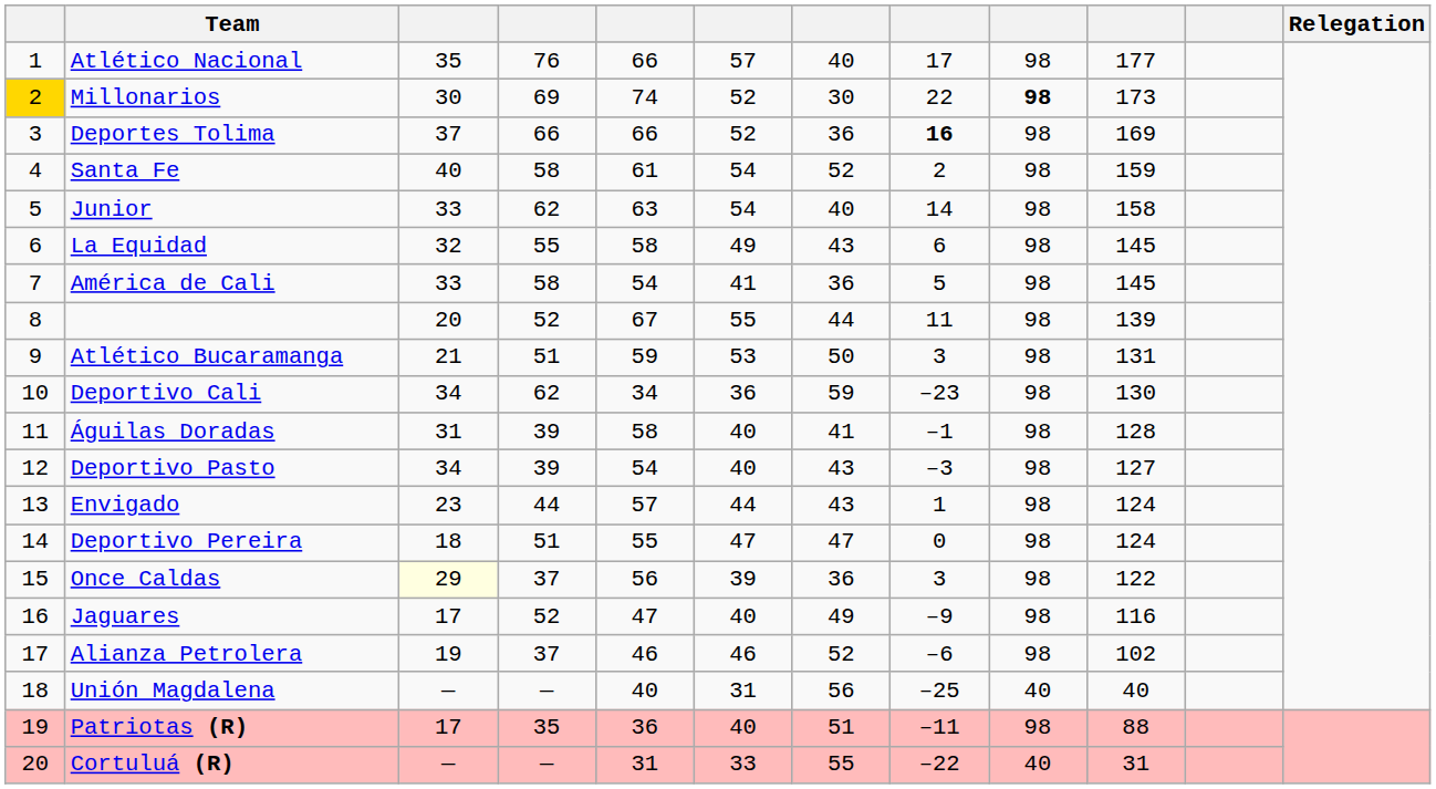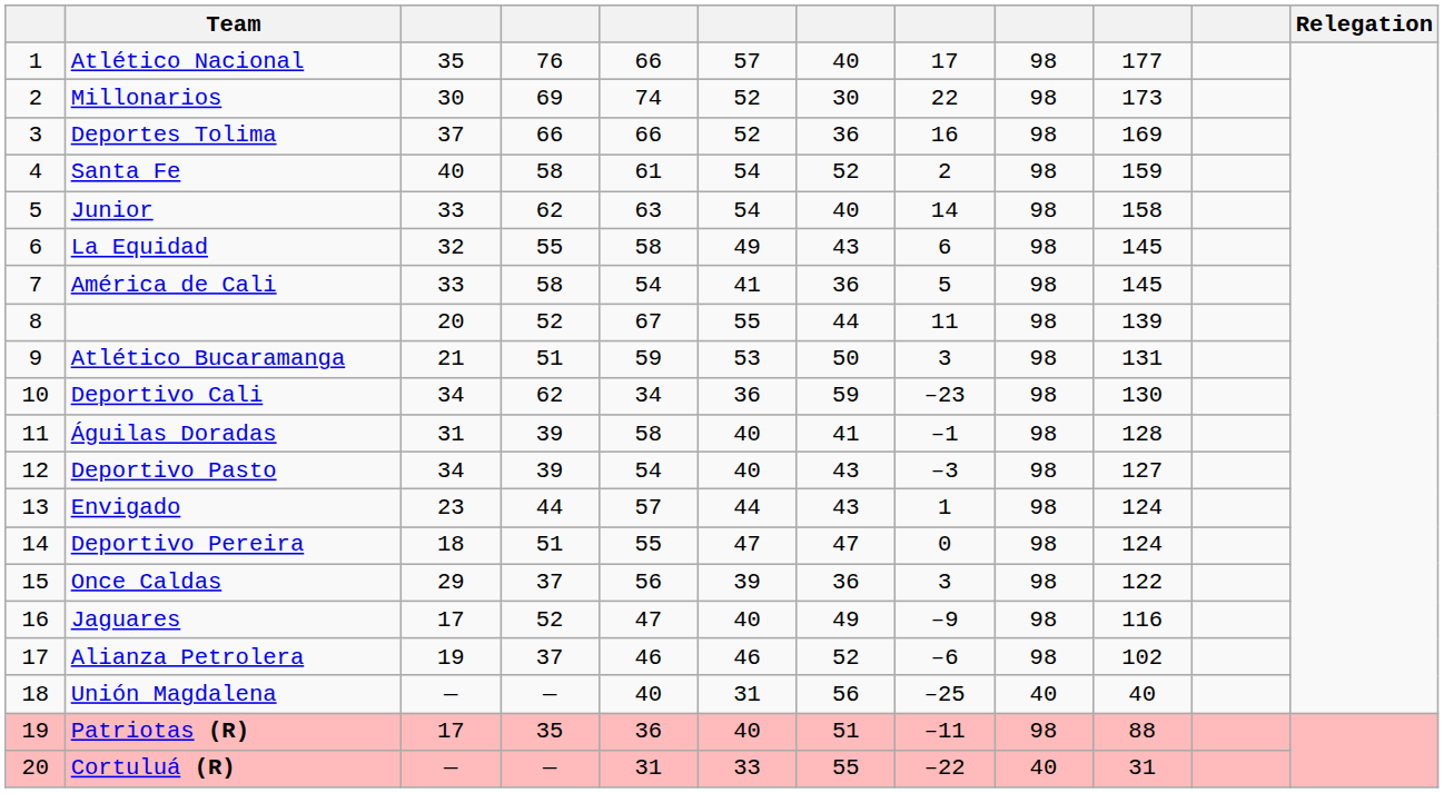 <table class="wikitable" style="text-align: center;">
 <tr>
 <th width=28><br></th>
 <th width=185>Team</th>
 <th width=50></th>
 <th width=50></th>
 <th width=50></th>
 <th width=50></th>
 <th width=50></th>
 <th width=50></th>
 <th width=50></th>
 <th width=50></th>
 <th width=50></th>
 <th>Relegation</th>
 </tr>
 <tr>
 <td>1</td>
 <td align="left"><a href='#'>Atlético Nacional</a></td>
 <td>35</td>
 <td>76</td>
 <td>66</td>
 <td>57</td>
 <td>40</td>
 <td>17</td>
 <td>98</td>
 <td>177</td>
 <td><strong></strong></td>
 <td rowspan=18></td>
 </tr>
 <tr>
-<td style="background: gold;">2</td>
+<td>2</td>
 <td align="left"><a href='#'>Millonarios</a></td>
 <td>30</td>
 <td>69</td>
 <td>74</td>
 <td>52</td>
 <td>30</td>
 <td>22</td>
-<td><strong>98</strong></td>
+<td>98</td>
 <td>173</td>
 <td><strong></strong></td>
 </tr>
 <tr>
 <td>3</td>
 <td align="left"><a href='#'>Deportes Tolima</a></td>
 <td>37</td>
 <td>66</td>
 <td>66</td>
 <td>52</td>
 <td>36</td>
-<td><strong>16</strong></td>
+<td>16</td>
 <td>98</td>
 <td>169</td>
 <td><strong></strong></td>
 </tr>
 <tr>
 <td>4</td>
 <td align="left"><a href='#'>Santa Fe</a></td>
 <td>40</td>
 <td>58</td>
 <td>61</td>
 <td>54</td>
 <td>52</td>
 <td>2</td>
 <td>98</td>
 <td>159</td>
 <td><strong></strong></td>
 </tr>
 <tr>
 <td>5</td>
 <td align="left"><a href='#'>Junior</a></td>
 <td>33</td>
 <td>62</td>
 <td>63</td>
 <td>54</td>
 <td>40</td>
 <td>14</td>
 <td>98</td>
 <td>158</td>
 <td><strong></strong></td>
 </tr>
 <tr>
 <td>6</td>
 <td align="left"><a href='#'>La Equidad</a></td>
 <td>32</td>
 <td>55</td>
 <td>58</td>
 <td>49</td>
 <td>43</td>
 <td>6</td>
 <td>98</td>
 <td>145</td>
 <td><strong></strong></td>
 </tr>
 <tr>
 <td>7</td>
 <td align="left"><a href='#'>América de Cali</a></td>
 <td>33</td>
 <td>58</td>
 <td>54</td>
 <td>41</td>
 <td>36</td>
 <td>5</td>
 <td>98</td>
 <td>145</td>
 <td><strong></strong></td>
 </tr>
 <tr>
 <td>8</td>
 <td align="left"></td>
 <td>20</td>
 <td>52</td>
 <td>67</td>
 <td>55</td>
 <td>44</td>
 <td>11</td>
 <td>98</td>
 <td>139</td>
 <td><strong></strong></td>
 </tr>
 <tr>
 <td>9</td>
 <td align="left"><a href='#'>Atlético Bucaramanga</a></td>
 <td>21</td>
 <td>51</td>
 <td>59</td>
 <td>53</td>
 <td>50</td>
 <td>3</td>
 <td>98</td>
 <td>131</td>
 <td><strong></strong></td>
 </tr>
 <tr>
 <td>10</td>
 <td align="left"><a href='#'>Deportivo Cali</a></td>
 <td>34</td>
 <td>62</td>
 <td>34</td>
 <td>36</td>
 <td>59</td>
 <td>–23</td>
 <td>98</td>
 <td>130</td>
 <td><strong></strong></td>
 </tr>
 <tr>
 <td>11</td>
 <td align="left"><a href='#'>Águilas Doradas</a></td>
 <td>31</td>
 <td>39</td>
 <td>58</td>
 <td>40</td>
 <td>41</td>
 <td>–1</td>
 <td>98</td>
 <td>128</td>
 <td><strong></strong></td>
 </tr>
 <tr>
 <td>12</td>
 <td align="left"><a href='#'>Deportivo Pasto</a></td>
 <td>34</td>
 <td>39</td>
 <td>54</td>
 <td>40</td>
 <td>43</td>
 <td>–3</td>
 <td>98</td>
 <td>127</td>
 <td><strong></strong></td>
 </tr>
 <tr>
 <td>13</td>
 <td align="left"><a href='#'>Envigado</a></td>
 <td>23</td>
 <td>44</td>
 <td>57</td>
 <td>44</td>
 <td>43</td>
 <td>1</td>
 <td>98</td>
 <td>124</td>
 <td><strong></strong></td>
 </tr>
 <tr>
 <td>14</td>
 <td align="left"><a href='#'>Deportivo Pereira</a></td>
 <td>18</td>
 <td>51</td>
 <td>55</td>
 <td>47</td>
 <td>47</td>
 <td>0</td>
 <td>98</td>
 <td>124</td>
 <td><strong></strong></td>
 </tr>
 <tr>
 <td>15</td>
 <td align="left"><a href='#'>Once Caldas</a></td>
-<td style="background: lightyellow;">29</td>
+<td>29</td>
 <td>37</td>
 <td>56</td>
 <td>39</td>
 <td>36</td>
 <td>3</td>
 <td>98</td>
 <td>122</td>
 <td><strong></strong></td>
 </tr>
 <tr>
 <td>16</td>
 <td align="left"><a href='#'>Jaguares</a></td>
 <td>17</td>
 <td>52</td>
 <td>47</td>
 <td>40</td>
 <td>49</td>
 <td>–9</td>
 <td>98</td>
 <td>116</td>
 <td><strong></strong></td>
 </tr>
 <tr>
 <td>17</td>
 <td align="left"><a href='#'>Alianza Petrolera</a></td>
 <td>19</td>
 <td>37</td>
 <td>46</td>
 <td>46</td>
 <td>52</td>
 <td>–6</td>
 <td>98</td>
 <td>102</td>
 <td><strong></strong></td>
 </tr>
 <tr>
 <td>18</td>
 <td align="left"><a href='#'>Unión Magdalena</a></td>
 <td>—</td>
 <td>—</td>
 <td>40</td>
 <td>31</td>
 <td>56</td>
 <td>–25</td>
 <td>40</td>
 <td>40</td>
 <td><strong></strong></td>
 </tr>
 <tr bgcolor=#FFBBBB>
 <td>19</td>
 <td align="left"><a href='#'>Patriotas</a> <strong>(R)</strong></td>
 <td>17</td>
 <td>35</td>
 <td>36</td>
 <td>40</td>
 <td>51</td>
 <td>–11</td>
 <td>98</td>
 <td>88</td>
 <td><strong></strong></td>
 <td rowspan=2></td>
 </tr>
 <tr bgcolor=#FFBBBB>
 <td>20</td>
 <td align="left"><a href='#'>Cortuluá</a> <strong>(R)</strong></td>
 <td>—</td>
 <td>—</td>
 <td>31</td>
 <td>33</td>
 <td>55</td>
 <td>–22</td>
 <td>40</td>
 <td>31</td>
 <td><strong></strong></td>
 </tr>
 </table>
